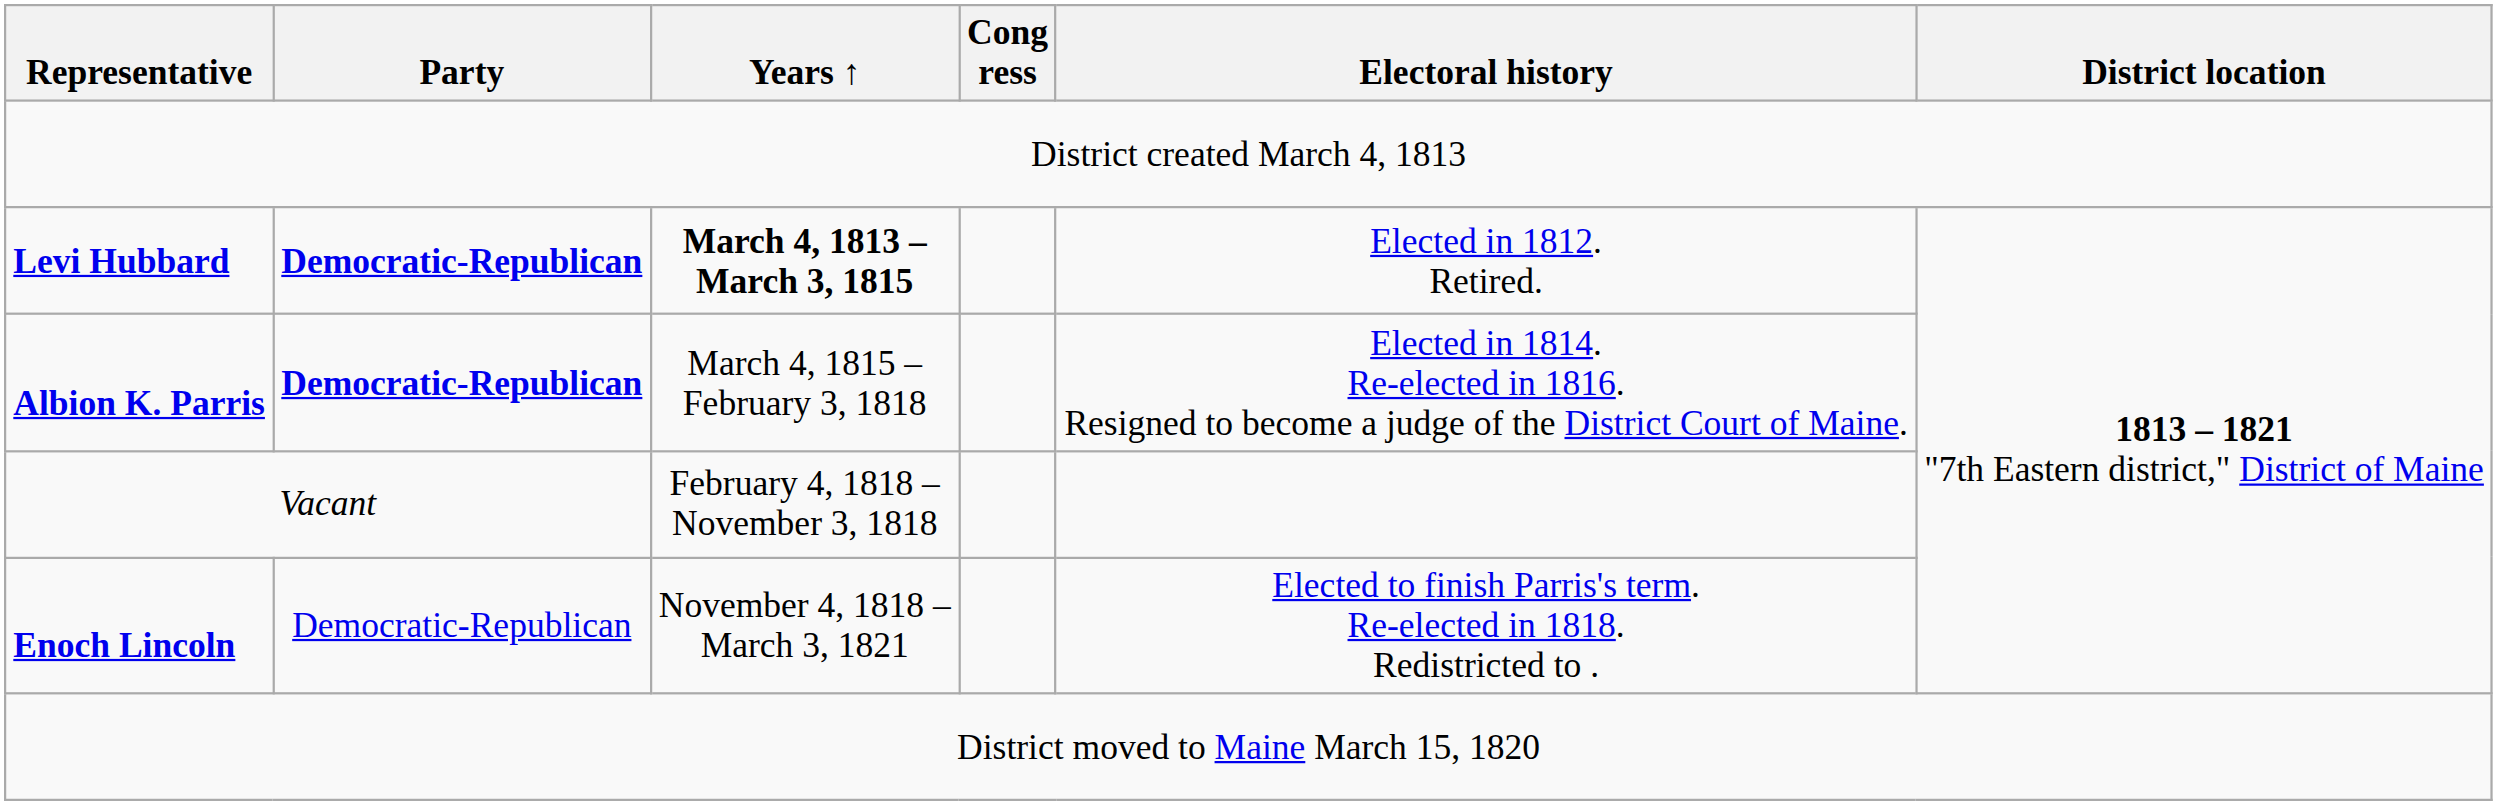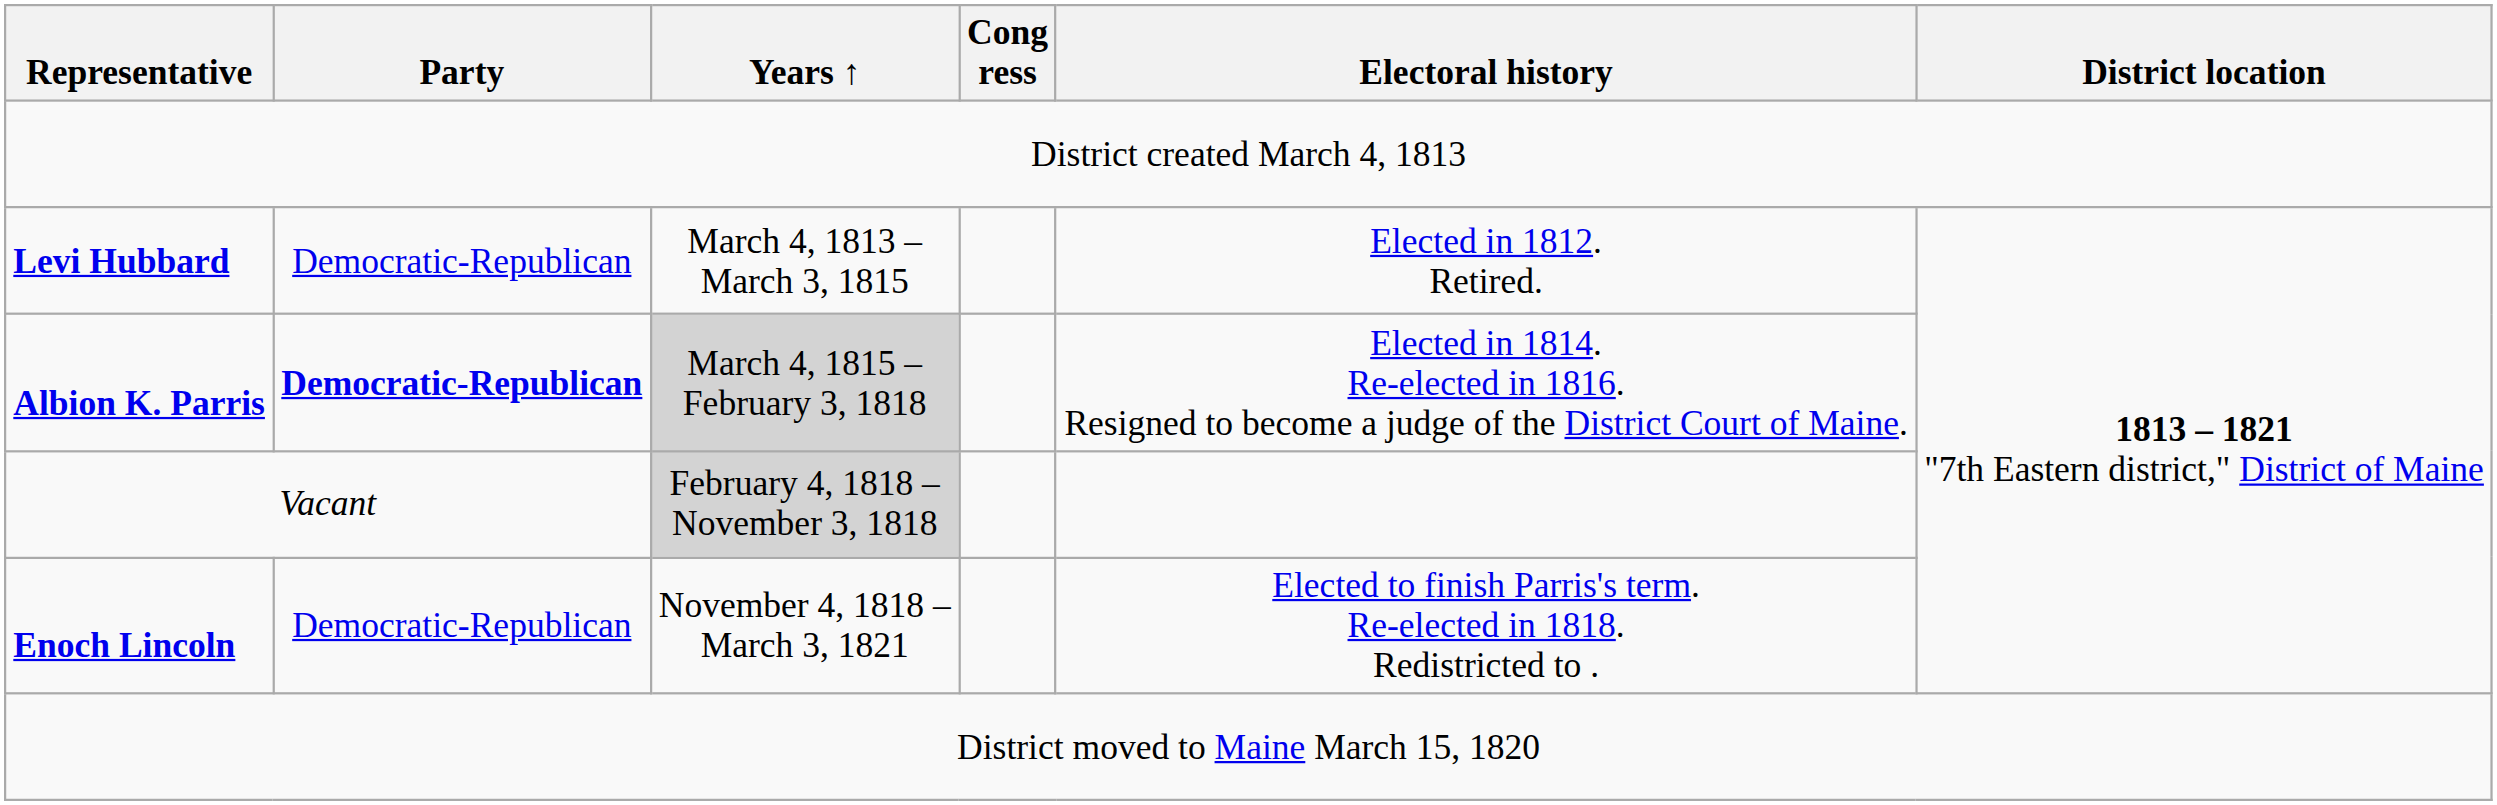 <table class=wikitable style="text-align:center">
 <tr valign=bottom>
 <th>Representative</th>
 <th>Party</th>
 <th>Years ↑</th>
 <th>Cong<br>ress</th>
 <th>Electoral history</th>
 <th>District location</th>
 </tr>
 <tr style="height:3em">
 <td colspan=6>District created March 4, 1813</td>
 </tr>
 <tr style="height:3em">
 <td align=left><strong><a href='#'>Levi Hubbard</a></strong><br></td>
-<td><strong><a href='#'>Democratic-Republican</a></strong></td>
-<td nowrap><strong>March 4, 1813 –<br>March 3, 1815</strong></td>
+<td><a href='#'>Democratic-Republican</a></td>
+<td nowrap>March 4, 1813 –<br>March 3, 1815</td>
 <td></td>
 <td><a href='#'>Elected in 1812</a>.<br>Retired.</td>
 <td rowspan=4><strong>1813 – 1821</strong><br>"7th Eastern district," <a href='#'>District of Maine</a></td>
 </tr>
 <tr style="height:3em">
 <td align=left><br><strong><a href='#'>Albion K. Parris</a></strong><br></td>
 <td><strong><a href='#'>Democratic-Republican</a></strong></td>
-<td nowrap>March 4, 1815 –<br>February 3, 1818</td>
+<td nowrap style="background: lightgrey;">March 4, 1815 –<br>February 3, 1818</td>
 <td></td>
 <td><a href='#'>Elected in 1814</a>.<br><a href='#'>Re-elected in 1816</a>.<br>Resigned to become a judge of the <a href='#'>District Court of Maine</a>.</td>
 </tr>
 <tr style="height:3em">
 <td colspan=2><em>Vacant</em></td>
-<td nowrap>February 4, 1818 –<br>November 3, 1818</td>
+<td nowrap style="background: lightgrey;">February 4, 1818 –<br>November 3, 1818</td>
 <td></td>
 </tr>
 <tr style="height:3em">
 <td align=left><br><strong><a href='#'>Enoch Lincoln</a></strong><br></td>
 <td><a href='#'>Democratic-Republican</a></td>
 <td nowrap>November 4, 1818 –<br>March 3, 1821</td>
 <td></td>
 <td><a href='#'>Elected to finish Parris's term</a>.<br><a href='#'>Re-elected in 1818</a>.<br>Redistricted to .</td>
 </tr>
 <tr style="height:3em">
 <td colspan=6>District moved to <a href='#'>Maine</a> March 15, 1820</td>
 </tr>
 </table>
